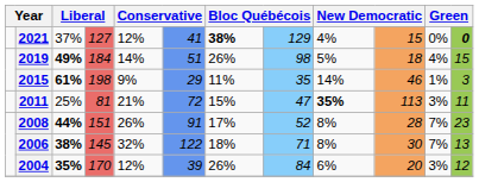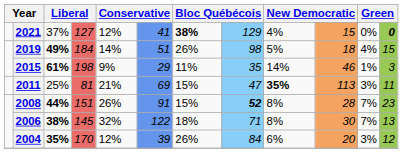 <table class="wikitable" style="width:400; font-size:90%; margin-left:1em;">
 <tr>
 <th colspan="2" scope="col">Year</th>
 <th colspan="2" scope="col"><a href='#'>Liberal</a></th>
 <th colspan="2" scope="col"><a href='#'>Conservative</a></th>
 <th colspan="2" scope="col"><a href='#'>Bloc Québécois</a></th>
 <th colspan="2" scope="col"><a href='#'>New Democratic</a></th>
 <th colspan="2" scope="col"><a href='#'>Green</a></th>
 </tr>
 <tr>
 <td style="width: 0.25em; background-color: "></td>
 <th><a href='#'>2021</a></th>
 <td>37%</td>
 <td style="text-align:right; background:#EA6D6A;"><em>127</em></td>
 <td>12%</td>
 <td style="text-align:right; background:#6495ED;"><em>41</em></td>
 <td><strong>38%</strong></td>
 <td style="text-align:right; background:#87CEFA;"><em>129</em></td>
 <td>4%</td>
 <td style="text-align:right; background:#F4A460;"><em>15</em></td>
 <td>0%</td>
 <td style="text-align:right; background:#99C955;"><strong><em>0</em></strong></td>
 </tr>
 <tr>
 <td rowspan="2" style="width: 0.25em; background-color: "></td>
 <th><a href='#'>2019</a></th>
 <td><strong>49%</strong></td>
 <td style="text-align:right; background:#EA6D6A;"><em>184</em></td>
 <td>14%</td>
 <td style="text-align:right; background:#6495ED;"><em>51</em></td>
 <td>26%</td>
 <td style="text-align:right; background:#87CEFA;"><em>98</em></td>
 <td>5%</td>
 <td style="text-align:right; background:#F4A460;"><em>18</em></td>
 <td>4%</td>
 <td style="text-align:right; background:#99C955;"><em>15</em></td>
 </tr>
 <tr>
 <th><a href='#'>2015</a></th>
 <td><strong>61%</strong></td>
 <td style="text-align:right; background:#EA6D6A;"><em>198</em></td>
 <td>9%</td>
 <td style="text-align:right; background:#6495ED;"><em>29</em></td>
 <td>11%</td>
 <td style="text-align:right; background:#87CEFA;"><em>35</em></td>
 <td>14%</td>
 <td style="text-align:right; background:#F4A460;"><em>46</em></td>
 <td>1%</td>
 <td style="text-align:right; background:#99C955;"><em>3</em></td>
 </tr>
 <tr>
 <td style="width: 0.25em; background-color: "></td>
 <th><a href='#'>2011</a></th>
 <td>25%</td>
 <td style="text-align:right; background:#EA6D6A;"><em>81</em></td>
 <td>21%</td>
-<td style="text-align:right; background:#6495ED;"><em>72</em></td>
+<td style="text-align:right; background:#6495ED;"><em>69</em></td>
 <td>15%</td>
 <td style="text-align:right; background:#87CEFA;"><em>47</em></td>
 <td><strong>35%</strong></td>
 <td style="text-align:right; background:#F4A460;"><em>113</em></td>
 <td>3%</td>
 <td style="text-align:right; background:#99C955;"><em>11</em></td>
 </tr>
 <tr>
 <td rowspan="3" style="width: 0.25em; background-color: "></td>
 <th><a href='#'>2008</a></th>
 <td><strong>44%</strong></td>
 <td style="text-align:right; background:#EA6D6A;"><em>151</em></td>
 <td>26%</td>
 <td style="text-align:right; background:#6495ED;"><em>91</em></td>
-<td>17%</td>
-<td style="text-align:right; background:#87CEFA;"><em>52</em></td>
+<td>15%</td>
+<td style="text-align:right; background:#87CEFA;"><strong><em>52</em></strong></td>
 <td>8%</td>
 <td style="text-align:right; background:#F4A460;"><em>28</em></td>
 <td>7%</td>
 <td style="text-align:right; background:#99C955;"><em>23</em></td>
 </tr>
 <tr>
 <th><a href='#'>2006</a></th>
 <td><strong>38%</strong></td>
 <td style="text-align:right; background:#EA6D6A;"><em>145</em></td>
 <td>32%</td>
 <td style="text-align:right; background:#6495ED;"><em>122</em></td>
 <td>18%</td>
 <td style="text-align:right; background:#87CEFA;"><em>71</em></td>
 <td>8%</td>
 <td style="text-align:right; background:#F4A460;"><em>30</em></td>
 <td>7%</td>
 <td style="text-align:right; background:#99C955;"><em>13</em></td>
 </tr>
 <tr>
 <th><a href='#'>2004</a></th>
 <td><strong>35%</strong></td>
 <td style="text-align:right; background:#EA6D6A;"><em>170</em></td>
 <td>12%</td>
 <td style="text-align:right; background:#6495ED;"><em>39</em></td>
 <td>26%</td>
 <td style="text-align:right; background:#87CEFA;"><em>84</em></td>
 <td>6%</td>
 <td style="text-align:right; background:#F4A460;"><em>20</em></td>
 <td>3%</td>
 <td style="text-align:right; background:#99C955;"><em>12</em></td>
 </tr>
 <tr>
 </tr>
 </table>
